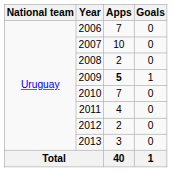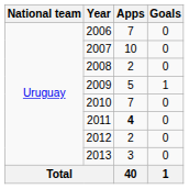 <table class=wikitable style=text-align:center>
 <tr>
 <th>National team</th>
 <th>Year</th>
 <th>Apps</th>
 <th>Goals</th>
 </tr>
 <tr>
 <td rowspan=8><a href='#'>Uruguay</a></td>
 <td>2006</td>
 <td>7</td>
 <td>0</td>
 </tr>
 <tr>
 <td>2007</td>
 <td>10</td>
 <td>0</td>
 </tr>
 <tr>
 <td>2008</td>
 <td>2</td>
 <td>0</td>
 </tr>
 <tr>
 <td>2009</td>
-<td><strong>5</strong></td>
+<td>5</td>
 <td>1</td>
 </tr>
 <tr>
 <td>2010</td>
 <td>7</td>
 <td>0</td>
 </tr>
 <tr>
 <td>2011</td>
-<td>4</td>
+<td><strong>4</strong></td>
 <td>0</td>
 </tr>
 <tr>
 <td>2012</td>
 <td>2</td>
 <td>0</td>
 </tr>
 <tr>
 <td>2013</td>
 <td>3</td>
 <td>0</td>
 </tr>
 <tr>
 <th colspan=2>Total</th>
 <th>40</th>
 <th>1</th>
 </tr>
 </table>
